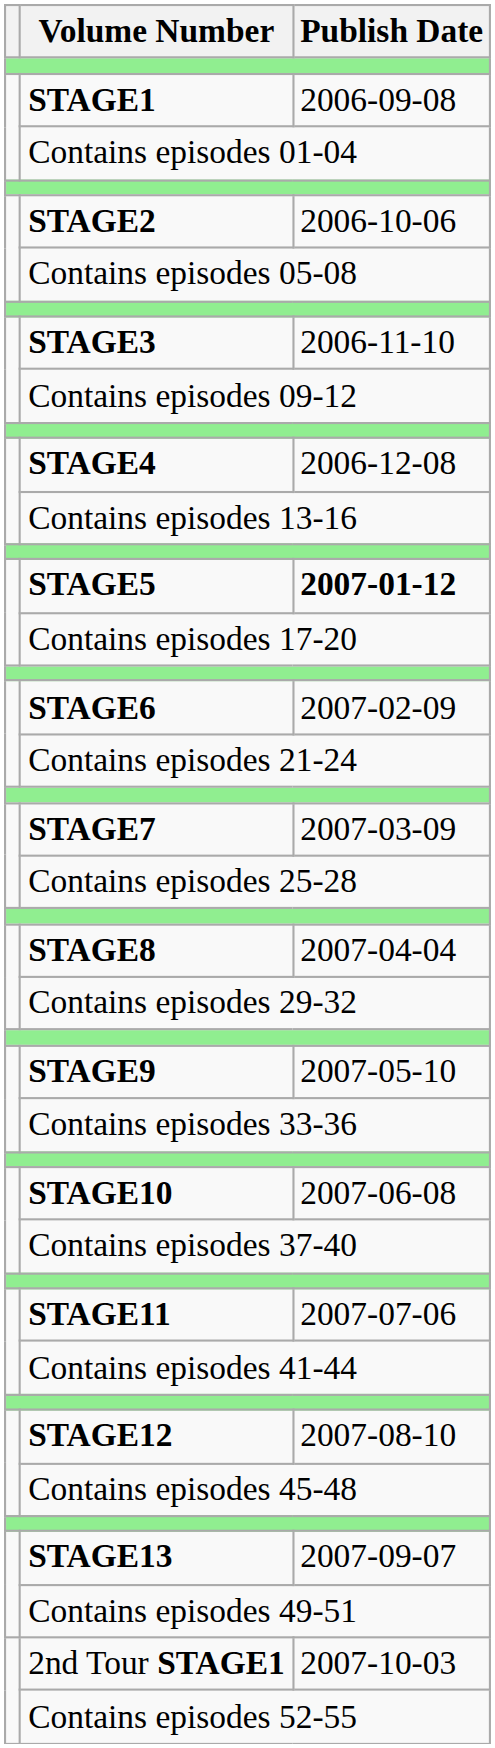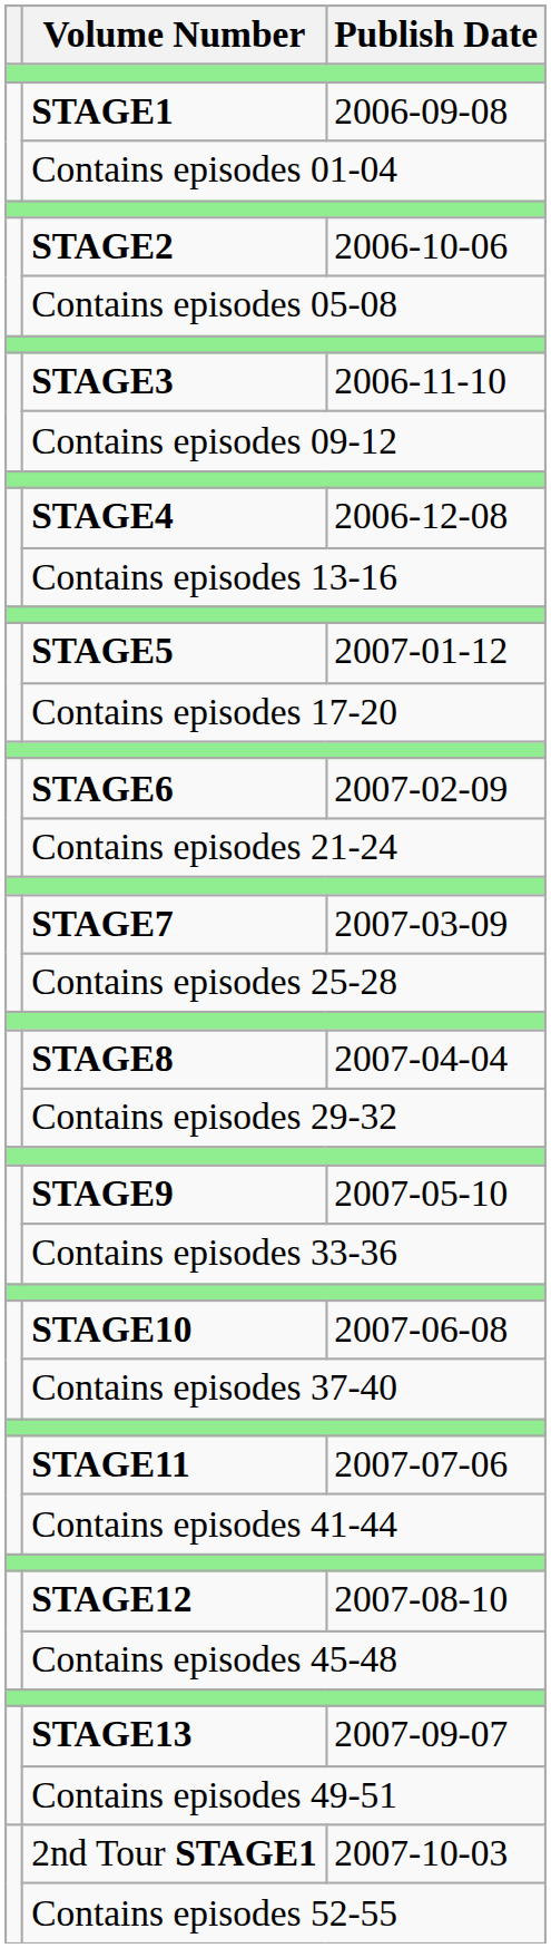 <table class="wikitable">
 <tr>
 <th></th>
 <th>Volume Number</th>
 <th>Publish Date</th>
 </tr>
 <tr>
 <td colspan="5" bgcolor="#90EE90"></td>
 </tr>
 <tr>
 <td rowspan="2"></td>
 <td><strong>STAGE1</strong></td>
 <td>2006-09-08</td>
 </tr>
 <tr>
 <td colspan="4">Contains episodes 01-04</td>
 </tr>
 <tr>
 <td colspan="5" bgcolor="#90EE90"></td>
 </tr>
 <tr>
 <td rowspan="2"></td>
 <td><strong>STAGE2</strong></td>
 <td>2006-10-06</td>
 </tr>
 <tr>
 <td colspan="4">Contains episodes 05-08</td>
 </tr>
 <tr>
 <td colspan="5" bgcolor="#90EE90"></td>
 </tr>
 <tr>
 <td rowspan="2"></td>
 <td><strong>STAGE3</strong></td>
 <td>2006-11-10</td>
 </tr>
 <tr>
 <td colspan="4">Contains episodes 09-12</td>
 </tr>
 <tr>
 <td colspan="5" bgcolor="#90EE90"></td>
 </tr>
 <tr>
 <td rowspan="2"></td>
 <td><strong>STAGE4</strong></td>
 <td>2006-12-08</td>
 </tr>
 <tr>
 <td colspan="4">Contains episodes 13-16</td>
 </tr>
 <tr>
 <td colspan="5" bgcolor="#90EE90"></td>
 </tr>
 <tr>
 <td rowspan="2"></td>
 <td><strong>STAGE5</strong></td>
-<td><strong>2007-01-12</strong></td>
+<td>2007-01-12</td>
 </tr>
 <tr>
 <td colspan="4">Contains episodes 17-20</td>
 </tr>
 <tr>
 <td colspan="5" bgcolor="#90EE90"></td>
 </tr>
 <tr>
 <td rowspan="2"></td>
 <td><strong>STAGE6</strong></td>
 <td>2007-02-09</td>
 </tr>
 <tr>
 <td colspan="4">Contains episodes 21-24</td>
 </tr>
 <tr>
 <td colspan="5" bgcolor="#90EE90"></td>
 </tr>
 <tr>
 <td rowspan="2"></td>
 <td><strong>STAGE7</strong></td>
 <td>2007-03-09</td>
 </tr>
 <tr>
 <td colspan="4">Contains episodes 25-28</td>
 </tr>
 <tr>
 <td colspan="5" bgcolor="#90EE90"></td>
 </tr>
 <tr>
 <td rowspan="2"></td>
 <td><strong>STAGE8</strong></td>
 <td>2007-04-04</td>
 </tr>
 <tr>
 <td colspan="4">Contains episodes 29-32</td>
 </tr>
 <tr>
 <td colspan="5" bgcolor="#90EE90"></td>
 </tr>
 <tr>
 <td rowspan="2"></td>
 <td><strong>STAGE9</strong></td>
 <td>2007-05-10</td>
 </tr>
 <tr>
 <td colspan="4">Contains episodes 33-36</td>
 </tr>
 <tr>
 <td colspan="5" bgcolor="#90EE90"></td>
 </tr>
 <tr>
 <td rowspan="2"></td>
 <td><strong>STAGE10</strong></td>
 <td>2007-06-08</td>
 </tr>
 <tr>
 <td colspan="4">Contains episodes 37-40</td>
 </tr>
 <tr>
 <td colspan="5" bgcolor="#90EE90"></td>
 </tr>
 <tr>
 <td rowspan="2"></td>
 <td><strong>STAGE11</strong></td>
 <td>2007-07-06</td>
 </tr>
 <tr>
 <td colspan="4">Contains episodes 41-44</td>
 </tr>
 <tr>
 <td colspan="5" bgcolor="#90EE90"></td>
 </tr>
 <tr>
 <td rowspan="2"></td>
 <td><strong>STAGE12</strong></td>
 <td>2007-08-10</td>
 </tr>
 <tr>
 <td colspan="4">Contains episodes 45-48</td>
 </tr>
 <tr>
 <td colspan="5" bgcolor="#90EE90"></td>
 </tr>
 <tr>
 <td rowspan="2"></td>
 <td><strong>STAGE13</strong></td>
 <td>2007-09-07</td>
 </tr>
 <tr>
 <td colspan="4">Contains episodes 49-51</td>
 </tr>
 <tr>
 <td rowspan="2"></td>
 <td>2nd Tour <strong>STAGE1</strong></td>
 <td>2007-10-03</td>
 </tr>
 <tr>
 <td colspan="4">Contains episodes 52-55</td>
 </tr>
 </table>
